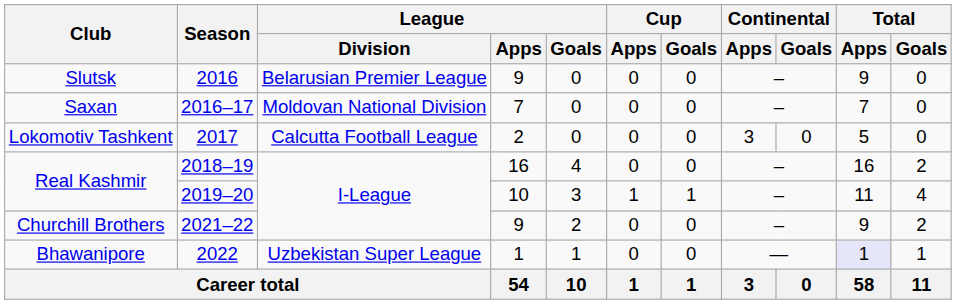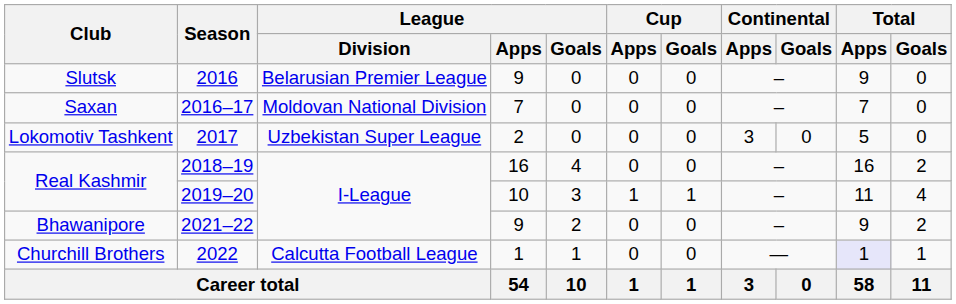 <table class="wikitable" style="text-align: center;">
 <tr>
 <th rowspan="2">Club</th>
 <th rowspan="2">Season</th>
 <th colspan="3">League</th>
 <th colspan="2">Cup</th>
 <th colspan="2">Continental</th>
 <th colspan="2">Total</th>
 </tr>
 <tr>
 <th>Division</th>
 <th>Apps</th>
 <th>Goals</th>
 <th>Apps</th>
 <th>Goals</th>
 <th>Apps</th>
 <th>Goals</th>
 <th>Apps</th>
 <th>Goals</th>
 </tr>
 <tr>
 <td rowspan="1"><a href='#'>Slutsk</a></td>
 <td><a href='#'>2016</a></td>
 <td rowspan="1"><a href='#'>Belarusian Premier League</a></td>
 <td>9</td>
 <td>0</td>
 <td>0</td>
 <td>0</td>
 <td colspan="2">–</td>
 <td>9</td>
 <td>0</td>
 </tr>
 <tr>
 <td rowspan="1"><a href='#'>Saxan</a></td>
 <td><a href='#'>2016–17</a></td>
 <td rowspan="1"><a href='#'>Moldovan National Division</a></td>
 <td>7</td>
 <td>0</td>
 <td>0</td>
 <td>0</td>
 <td colspan="2">–</td>
 <td>7</td>
 <td>0</td>
 </tr>
 <tr>
 <td rowspan="1"><a href='#'>Lokomotiv Tashkent</a></td>
 <td><a href='#'>2017</a></td>
-<td rowspan="1"><a href='#'>Calcutta Football League</a></td>
+<td rowspan="1"><a href='#'>Uzbekistan Super League</a></td>
 <td>2</td>
 <td>0</td>
 <td>0</td>
 <td>0</td>
 <td>3</td>
 <td>0</td>
 <td>5</td>
 <td>0</td>
 </tr>
 <tr>
 <td rowspan="2"><a href='#'>Real Kashmir</a></td>
 <td><a href='#'>2018–19</a></td>
 <td rowspan="3"><a href='#'>I-League</a></td>
 <td>16</td>
 <td>4</td>
 <td>0</td>
 <td>0</td>
 <td colspan="2">–</td>
 <td>16</td>
 <td>2</td>
 </tr>
 <tr>
 <td><a href='#'>2019–20</a></td>
 <td>10</td>
 <td>3</td>
 <td>1</td>
 <td>1</td>
 <td colspan="2">–</td>
 <td>11</td>
 <td>4</td>
 </tr>
 <tr>
-<td rowspan="1"><a href='#'>Churchill Brothers</a></td>
+<td rowspan="1"><a href='#'>Bhawanipore</a></td>
 <td><a href='#'>2021–22</a></td>
 <td>9</td>
 <td>2</td>
 <td>0</td>
 <td>0</td>
 <td colspan="2">–</td>
 <td>9</td>
 <td>2</td>
 </tr>
 <tr>
-<td rowspan="1"><a href='#'>Bhawanipore</a></td>
+<td rowspan="1"><a href='#'>Churchill Brothers</a></td>
 <td><a href='#'>2022</a></td>
-<td rowspan="1"><a href='#'>Uzbekistan Super League</a></td>
+<td rowspan="1"><a href='#'>Calcutta Football League</a></td>
 <td>1</td>
 <td>1</td>
 <td>0</td>
 <td>0</td>
 <td colspan="2">—</td>
 <td style="background: lavender;">1</td>
 <td>1</td>
 </tr>
 <tr>
 <th colspan="3">Career total</th>
 <th>54</th>
 <th>10</th>
 <th>1</th>
 <th>1</th>
 <th>3</th>
 <th>0</th>
 <th>58</th>
 <th>11</th>
 </tr>
 </table>
